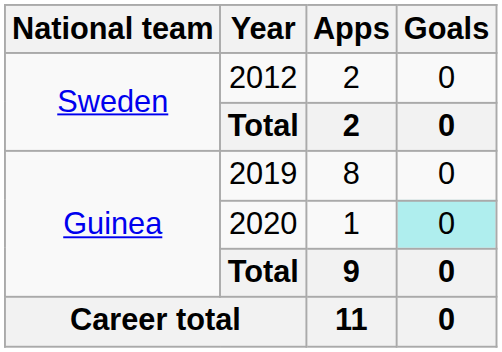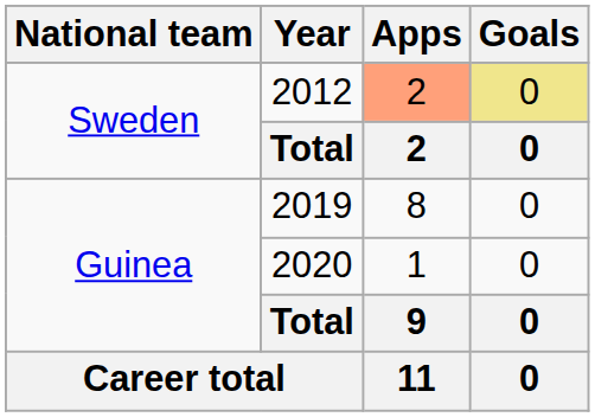 <table class="wikitable" style="text-align:center">
 <tr>
 <th>National team</th>
 <th>Year</th>
 <th>Apps</th>
 <th>Goals</th>
 </tr>
 <tr>
 <td rowspan="2"><a href='#'>Sweden</a></td>
 <td>2012</td>
-<td>2</td>
-<td>0</td>
+<td style="background: lightsalmon;">2</td>
+<td style="background: khaki;">0</td>
 </tr>
 <tr>
 <th>Total</th>
 <th>2</th>
 <th>0</th>
 </tr>
 <tr>
 <td rowspan="3"><a href='#'>Guinea</a></td>
 <td>2019</td>
 <td>8</td>
 <td>0</td>
 </tr>
 <tr>
 <td>2020</td>
 <td>1</td>
-<td style="background: paleturquoise;">0</td>
+<td>0</td>
 </tr>
 <tr>
 <th>Total</th>
 <th>9</th>
 <th>0</th>
 </tr>
 <tr>
 <th colspan="2">Career total</th>
 <th>11</th>
 <th>0</th>
 </tr>
 </table>
